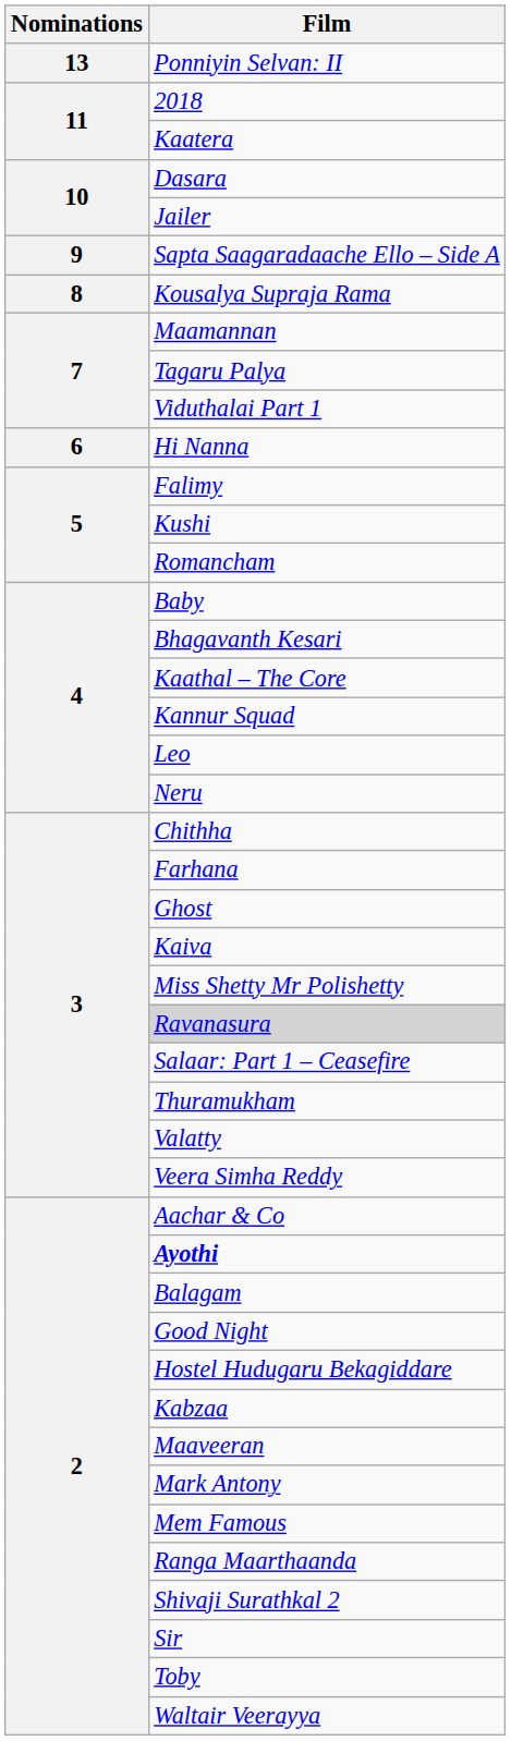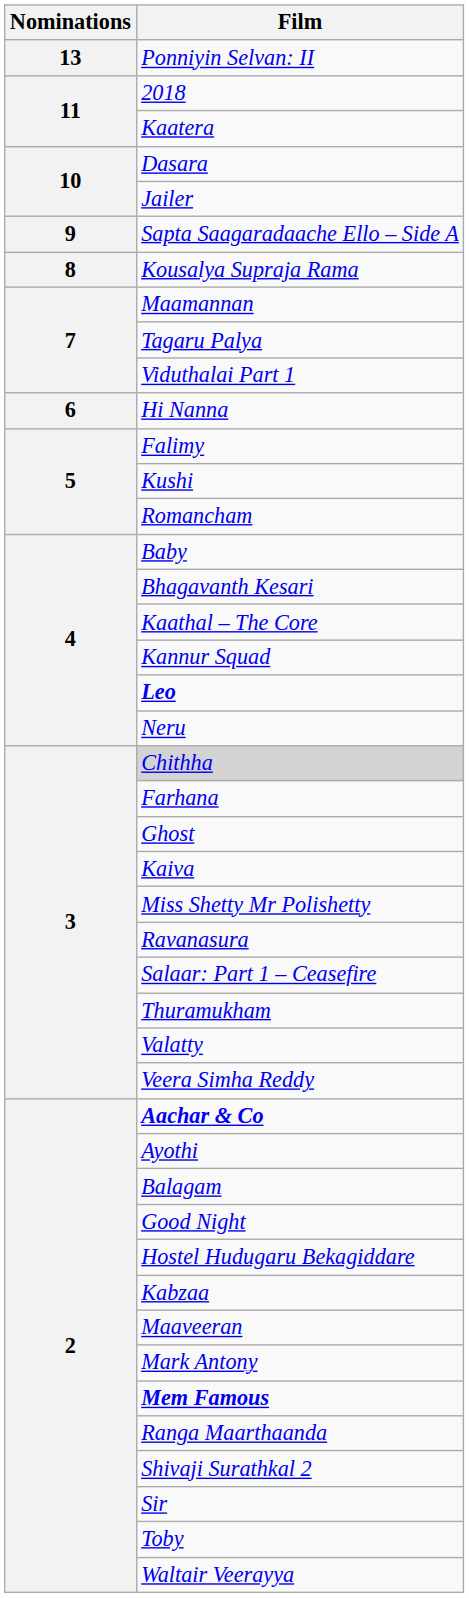 <table class="wikitable" style="display:inline-table;">
 <tr>
 <th>Nominations</th>
 <th>Film</th>
 </tr>
 <tr>
 <th>13</th>
 <td><em><a href='#'>Ponniyin Selvan: II</a></em></td>
 </tr>
 <tr>
 <th rowspan="2">11</th>
 <td><a href='#'><em>2018</em></a></td>
 </tr>
 <tr>
 <td><em><a href='#'>Kaatera</a></em></td>
 </tr>
 <tr>
 <th rowspan="2">10</th>
 <td><a href='#'><em>Dasara</em></a></td>
 </tr>
 <tr>
 <td><a href='#'><em>Jailer</em></a></td>
 </tr>
 <tr>
 <th>9</th>
 <td><em><a href='#'>Sapta Saagaradaache Ello – Side A</a></em></td>
 </tr>
 <tr>
 <th>8</th>
 <td><a href='#'><em>Kousalya Supraja Rama</em></a></td>
 </tr>
 <tr>
 <th rowspan="3">7</th>
 <td><em><a href='#'>Maamannan</a></em></td>
 </tr>
 <tr>
 <td><em><a href='#'>Tagaru Palya</a></em></td>
 </tr>
 <tr>
 <td><em><a href='#'>Viduthalai Part 1</a></em></td>
 </tr>
 <tr>
 <th>6</th>
 <td><em><a href='#'>Hi Nanna</a></em></td>
 </tr>
 <tr>
 <th rowspan="3">5</th>
 <td><em><a href='#'>Falimy</a></em></td>
 </tr>
 <tr>
 <td><a href='#'><em>Kushi</em></a></td>
 </tr>
 <tr>
 <td><em><a href='#'>Romancham</a></em></td>
 </tr>
 <tr>
 <th rowspan="6">4</th>
 <td><a href='#'><em>Baby</em></a></td>
 </tr>
 <tr>
 <td><em><a href='#'>Bhagavanth Kesari</a></em></td>
 </tr>
 <tr>
 <td><em><a href='#'>Kaathal – The Core</a></em></td>
 </tr>
 <tr>
 <td><em><a href='#'>Kannur Squad</a></em></td>
 </tr>
 <tr>
-<td><a href='#'><em>Leo</em></a></td>
+<td><strong><a href='#'><em>Leo</em></a></strong></td>
 </tr>
 <tr>
 <td><a href='#'><em>Neru</em></a></td>
 </tr>
 <tr>
 <th rowspan="10">3</th>
-<td><em><a href='#'>Chithha</a></em></td>
+<td style="background: lightgrey;"><em><a href='#'>Chithha</a></em></td>
 </tr>
 <tr>
 <td><a href='#'><em>Farhana</em></a></td>
 </tr>
 <tr>
 <td><a href='#'><em>Ghost</em></a></td>
 </tr>
 <tr>
 <td><a href='#'><em>Kaiva</em></a></td>
 </tr>
 <tr>
 <td><em><a href='#'>Miss Shetty Mr Polishetty</a></em></td>
 </tr>
 <tr>
-<td style="background: lightgrey;"><em><a href='#'>Ravanasura</a></em></td>
+<td><em><a href='#'>Ravanasura</a></em></td>
 </tr>
 <tr>
 <td><em><a href='#'>Salaar: Part 1 – Ceasefire</a></em></td>
 </tr>
 <tr>
 <td><a href='#'><em>Thuramukham</em></a></td>
 </tr>
 <tr>
 <td><em><a href='#'>Valatty</a></em></td>
 </tr>
 <tr>
 <td><em><a href='#'>Veera Simha Reddy</a></em></td>
 </tr>
 <tr>
 <th rowspan="14">2</th>
-<td><em><a href='#'>Aachar & Co</a></em></td>
+<td><strong><em><a href='#'>Aachar & Co</a></em></strong></td>
 </tr>
 <tr>
-<td><strong><em><a href='#'>Ayothi</a></em></strong></td>
+<td><em><a href='#'>Ayothi</a></em></td>
 </tr>
 <tr>
 <td><a href='#'><em>Balagam</em></a></td>
 </tr>
 <tr>
 <td><a href='#'><em>Good Night</em></a></td>
 </tr>
 <tr>
 <td><em><a href='#'>Hostel Hudugaru Bekagiddare</a></em></td>
 </tr>
 <tr>
 <td><a href='#'><em>Kabzaa</em></a></td>
 </tr>
 <tr>
 <td><a href='#'><em>Maaveeran</em></a></td>
 </tr>
 <tr>
 <td><a href='#'><em>Mark Antony</em></a></td>
 </tr>
 <tr>
-<td><em><a href='#'>Mem Famous</a></em></td>
+<td><strong><em><a href='#'>Mem Famous</a></em></strong></td>
 </tr>
 <tr>
 <td><em><a href='#'>Ranga Maarthaanda</a></em></td>
 </tr>
 <tr>
 <td><em><a href='#'>Shivaji Surathkal 2</a></em></td>
 </tr>
 <tr>
 <td><a href='#'><em>Sir</em></a></td>
 </tr>
 <tr>
 <td><a href='#'><em>Toby</em></a></td>
 </tr>
 <tr>
 <td><em><a href='#'>Waltair Veerayya</a></em></td>
 </tr>
 </table>
